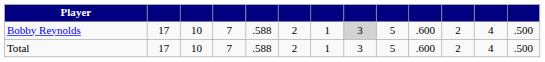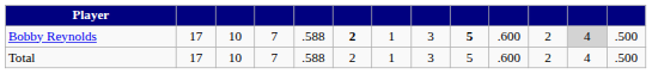 <table class="wikitable" style="text-align:center">
 <tr>
 <th style="background:navy; color:#fff" width="200px">Player</th>
 <th style="background:navy; color:#fff" width="40px"></th>
 <th style="background:navy; color:#fff" width="40px"></th>
 <th style="background:navy; color:#fff" width="40px"></th>
 <th style="background:navy; color:#fff" width="40px"></th>
 <th style="background:navy; color:#fff" width="40px"></th>
 <th style="background:navy; color:#fff" width="40px"></th>
 <th style="background:navy; color:#fff" width="40px"></th>
 <th style="background:navy; color:#fff" width="40px"></th>
 <th style="background:navy; color:#fff" width="40px"></th>
 <th style="background:navy; color:#fff" width="40px"></th>
 <th style="background:navy; color:#fff" width="40px"></th>
 <th style="background:navy; color:#fff" width="40px"></th>
 </tr>
 <tr>
 <td style="text-align:left"><a href='#'>Bobby Reynolds</a></td>
 <td>17</td>
 <td>10</td>
 <td>7</td>
 <td>.588</td>
-<td>2</td>
+<td><strong>2</strong></td>
 <td>1</td>
-<td style="background: lightgrey;">3</td>
-<td>5</td>
+<td>3</td>
+<td><strong>5</strong></td>
 <td>.600</td>
 <td>2</td>
-<td>4</td>
+<td style="background: lightgrey;">4</td>
 <td>.500</td>
 </tr>
 <tr>
 <td style="text-align:left">Total</td>
 <td>17</td>
 <td>10</td>
 <td>7</td>
 <td>.588</td>
 <td>2</td>
 <td>1</td>
 <td>3</td>
 <td>5</td>
 <td>.600</td>
 <td>2</td>
 <td>4</td>
 <td>.500</td>
 </tr>
 </table>
